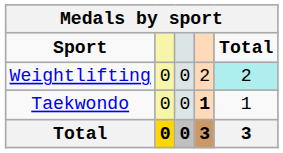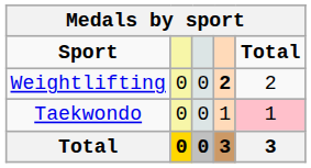 <table class="wikitable" style="font-size:85%; float:right;">
 <tr style="background:#efefef;">
 <th colspan=7>Medals by sport</th>
 </tr>
 <tr align=center>
 <td><strong>Sport</strong></td>
 <td style="background:#f7f6a8;"></td>
 <td style="background:#dce5e5;"></td>
 <td style="background:#ffdab9;"></td>
 <td><strong>Total</strong></td>
 </tr>
 <tr align=center>
 <td><a href='#'>Weightlifting</a></td>
 <td style="background:#f7f6a8;">0</td>
 <td style="background:#dce5e5;">0</td>
-<td style="background:#ffdab9;">2</td>
-<td style="background: paleturquoise;">2</td>
+<td style="background:#ffdab9;"><strong>2</strong></td>
+<td>2</td>
 </tr>
 <tr align=center>
 <td><a href='#'>Taekwondo</a></td>
 <td style="background:#f7f6a8;">0</td>
 <td style="background:#dce5e5;">0</td>
-<td style="background:#ffdab9;"><strong>1</strong></td>
-<td>1</td>
+<td style="background:#ffdab9;">1</td>
+<td style="background: pink;">1</td>
 </tr>
 <tr align=center>
 <th>Total</th>
 <th style="background:gold;">0</th>
 <th style="background:silver;">0</th>
 <th style="background:#c96;">3</th>
 <th>3</th>
 </tr>
 </table>
